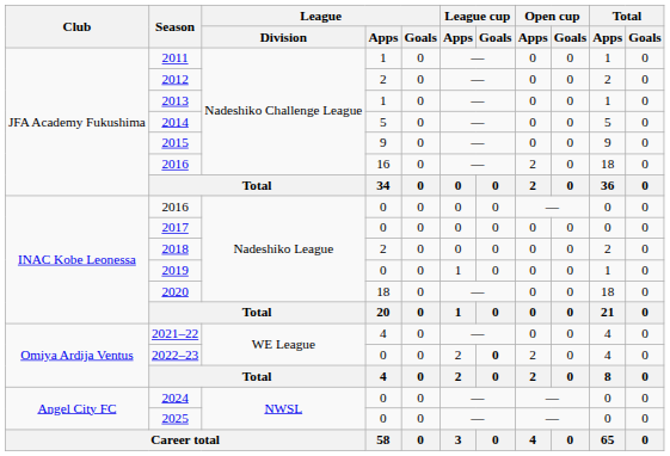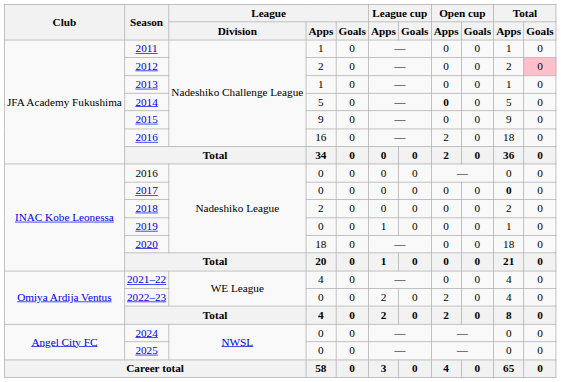 <table class="wikitable" style="text-align:center">
 <tr>
 <th rowspan="2">Club</th>
 <th rowspan="2">Season</th>
 <th colspan="3">League</th>
 <th colspan="2">League cup</th>
 <th colspan="2">Open cup</th>
 <th colspan="2">Total</th>
 </tr>
 <tr>
 <th>Division</th>
 <th>Apps</th>
 <th>Goals</th>
 <th>Apps</th>
 <th>Goals</th>
 <th>Apps</th>
 <th>Goals</th>
 <th>Apps</th>
 <th>Goals</th>
 </tr>
 <tr>
 <td rowspan="7">JFA Academy Fukushima</td>
 <td><a href='#'>2011</a></td>
 <td rowspan="6">Nadeshiko Challenge League</td>
 <td>1</td>
 <td>0</td>
 <td colspan="2">—</td>
 <td>0</td>
 <td>0</td>
 <td>1</td>
 <td>0</td>
 </tr>
 <tr>
 <td><a href='#'>2012</a></td>
 <td>2</td>
 <td>0</td>
 <td colspan="2">—</td>
 <td>0</td>
 <td>0</td>
 <td>2</td>
-<td>0</td>
+<td style="background: pink;">0</td>
 </tr>
 <tr>
 <td><a href='#'>2013</a></td>
 <td>1</td>
 <td>0</td>
 <td colspan="2">—</td>
 <td>0</td>
 <td>0</td>
 <td>1</td>
 <td>0</td>
 </tr>
 <tr>
 <td><a href='#'>2014</a></td>
 <td>5</td>
 <td>0</td>
 <td colspan="2">—</td>
-<td>0</td>
+<td><strong>0</strong></td>
 <td>0</td>
 <td>5</td>
 <td>0</td>
 </tr>
 <tr>
 <td><a href='#'>2015</a></td>
 <td>9</td>
 <td>0</td>
 <td colspan="2">—</td>
 <td>0</td>
 <td>0</td>
 <td>9</td>
 <td>0</td>
 </tr>
 <tr>
 <td><a href='#'>2016</a></td>
 <td>16</td>
 <td>0</td>
 <td colspan="2">—</td>
 <td>2</td>
 <td>0</td>
 <td>18</td>
 <td>0</td>
 </tr>
 <tr>
 <th colspan="2">Total</th>
 <th>34</th>
 <th>0</th>
 <th>0</th>
 <th>0</th>
 <th>2</th>
 <th>0</th>
 <th>36</th>
 <th>0</th>
 </tr>
 <tr>
 <td rowspan="6"><a href='#'>INAC Kobe Leonessa</a></td>
 <td>2016</td>
 <td rowspan="5">Nadeshiko League</td>
 <td>0</td>
 <td>0</td>
 <td>0</td>
 <td>0</td>
 <td colspan="2">—</td>
 <td>0</td>
 <td>0</td>
 </tr>
 <tr>
 <td><a href='#'>2017</a></td>
 <td>0</td>
 <td>0</td>
 <td>0</td>
 <td>0</td>
 <td>0</td>
 <td>0</td>
-<td>0</td>
+<td><strong>0</strong></td>
 <td>0</td>
 </tr>
 <tr>
 <td><a href='#'>2018</a></td>
 <td>2</td>
 <td>0</td>
 <td>0</td>
 <td>0</td>
 <td>0</td>
 <td>0</td>
 <td>2</td>
 <td>0</td>
 </tr>
 <tr>
 <td><a href='#'>2019</a></td>
 <td>0</td>
 <td>0</td>
 <td>1</td>
 <td>0</td>
 <td>0</td>
 <td>0</td>
 <td>1</td>
 <td>0</td>
 </tr>
 <tr>
 <td><a href='#'>2020</a></td>
 <td>18</td>
 <td>0</td>
 <td colspan="2">—</td>
 <td>0</td>
 <td>0</td>
 <td>18</td>
 <td>0</td>
 </tr>
 <tr>
 <th colspan="2">Total</th>
 <th>20</th>
 <th>0</th>
 <th>1</th>
 <th>0</th>
 <th>0</th>
 <th>0</th>
 <th>21</th>
 <th>0</th>
 </tr>
 <tr>
 <td rowspan="3"><a href='#'>Omiya Ardija Ventus</a></td>
 <td><a href='#'>2021–22</a></td>
 <td rowspan="2">WE League</td>
 <td>4</td>
 <td>0</td>
 <td colspan="2">—</td>
 <td>0</td>
 <td>0</td>
 <td>4</td>
 <td>0</td>
 </tr>
 <tr>
 <td><a href='#'>2022–23</a></td>
 <td>0</td>
 <td>0</td>
 <td>2</td>
-<td><strong>0</strong></td>
+<td>0</td>
 <td>2</td>
 <td>0</td>
 <td>4</td>
 <td>0</td>
 </tr>
 <tr>
 <th colspan="2">Total</th>
 <th>4</th>
 <th>0</th>
 <th>2</th>
 <th>0</th>
 <th>2</th>
 <th>0</th>
 <th>8</th>
 <th>0</th>
 </tr>
 <tr>
 <td rowspan="2"><a href='#'>Angel City FC</a></td>
 <td><a href='#'>2024</a></td>
 <td rowspan="2"><a href='#'>NWSL</a></td>
 <td>0</td>
 <td>0</td>
 <td colspan="2">—</td>
 <td colspan="2">—</td>
 <td>0</td>
 <td>0</td>
 </tr>
 <tr>
 <td><a href='#'>2025</a></td>
 <td>0</td>
 <td>0</td>
 <td colspan="2">—</td>
 <td colspan="2">—</td>
 <td>0</td>
 <td>0</td>
 </tr>
 <tr>
 <th colspan="3">Career total</th>
 <th>58</th>
 <th>0</th>
 <th>3</th>
 <th>0</th>
 <th>4</th>
 <th>0</th>
 <th>65</th>
 <th>0</th>
 </tr>
 </table>
